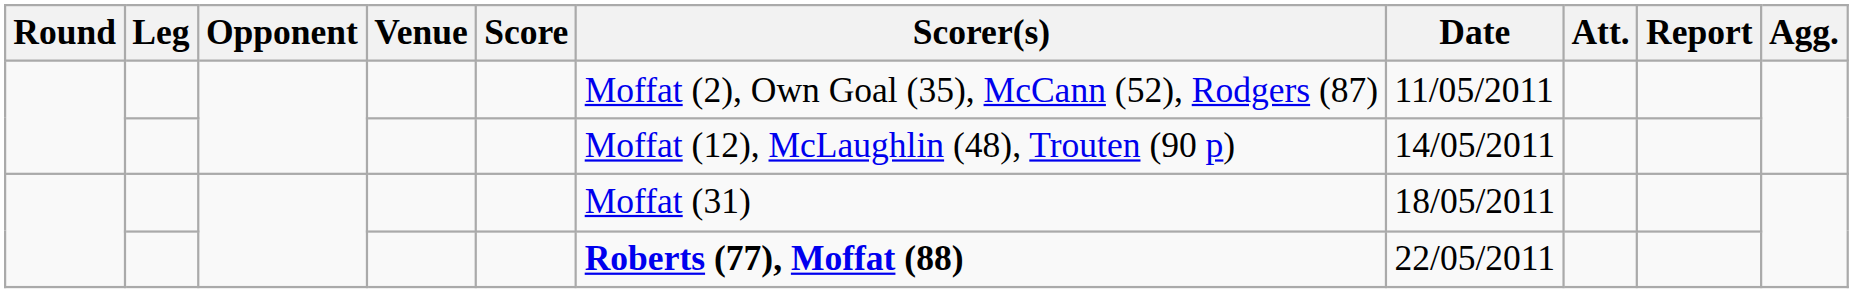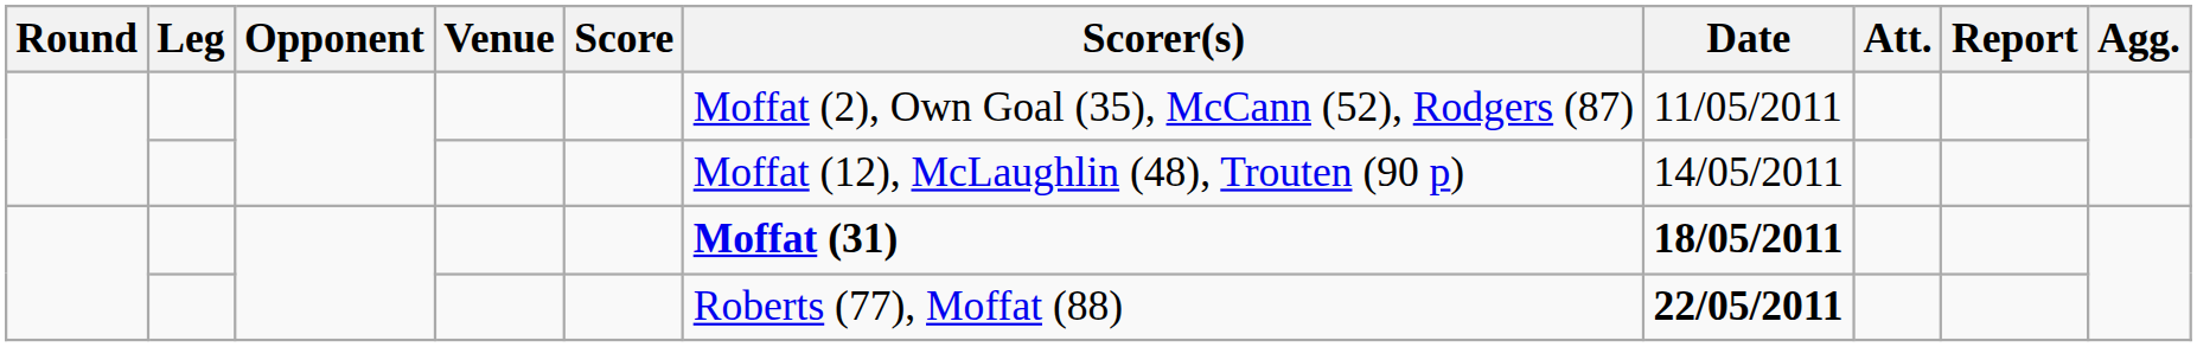 <table class="wikitable">
 <tr>
 <th>Round</th>
 <th>Leg</th>
 <th>Opponent</th>
 <th>Venue</th>
 <th>Score</th>
 <th>Scorer(s)</th>
 <th>Date</th>
 <th>Att.</th>
 <th>Report</th>
 <th>Agg.</th>
 </tr>
 <tr>
 <td rowspan=2></td>
 <td></td>
 <td rowspan=2></td>
 <td></td>
 <td></td>
 <td><a href='#'>Moffat</a> (2), Own Goal (35), <a href='#'>McCann</a> (52), <a href='#'>Rodgers</a> (87)</td>
 <td>11/05/2011</td>
 <td></td>
 <td></td>
 <td rowspan=2></td>
 </tr>
 <tr>
 <td></td>
 <td></td>
 <td></td>
 <td><a href='#'>Moffat</a> (12), <a href='#'>McLaughlin</a> (48), <a href='#'>Trouten</a> (90 <a href='#'>p</a>)</td>
 <td>14/05/2011</td>
 <td></td>
 <td></td>
 </tr>
 <tr>
 <td rowspan=2></td>
 <td></td>
 <td rowspan=2></td>
 <td></td>
 <td></td>
-<td><a href='#'>Moffat</a> (31)</td>
-<td>18/05/2011</td>
+<td><strong><a href='#'>Moffat</a> (31)</strong></td>
+<td><strong>18/05/2011</strong></td>
 <td></td>
 <td></td>
 <td rowspan=2></td>
 </tr>
 <tr>
 <td></td>
 <td></td>
 <td></td>
-<td><strong><a href='#'>Roberts</a> (77), <a href='#'>Moffat</a> (88)</strong></td>
-<td>22/05/2011</td>
+<td><a href='#'>Roberts</a> (77), <a href='#'>Moffat</a> (88)</td>
+<td><strong>22/05/2011</strong></td>
 <td></td>
 <td></td>
 </tr>
 </table>
